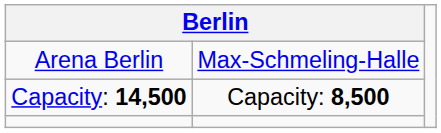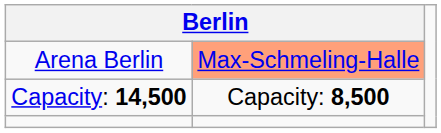 <table class="wikitable" style="text-align:center;margin:1em auto;">
 <tr>
 <th colspan=2><a href='#'>Berlin</a></th>
 <td rowspan="4"><br></td>
 </tr>
 <tr>
 <td><a href='#'>Arena Berlin</a></td>
-<td><a href='#'>Max-Schmeling-Halle</a></td>
+<td style="background: lightsalmon;"><a href='#'>Max-Schmeling-Halle</a></td>
 </tr>
 <tr>
 <td><a href='#'>Capacity</a>: <strong>14,500</strong></td>
 <td>Capacity: <strong>8,500</strong></td>
 </tr>
 <tr>
 <td></td>
 <td></td>
 </tr>
 </table>
